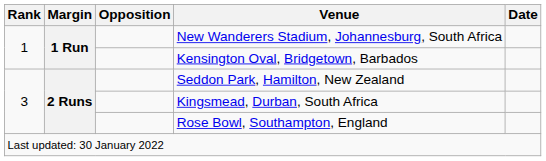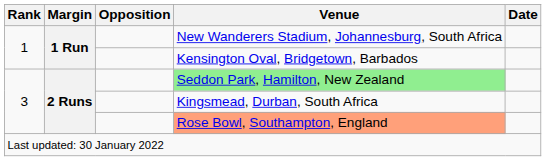 <table class="wikitable plainrowheaders">
 <tr>
 <th scope=col>Rank</th>
 <th scope=col>Margin</th>
 <th scope=col>Opposition</th>
 <th scope=col>Venue</th>
 <th scope=col>Date</th>
 </tr>
 <tr>
 <td align=center rowspan=2>1</td>
 <th scope=row style=text-align:center rowspan=2>1 Run</th>
 <td></td>
 <td><a href='#'>New Wanderers Stadium</a>, <a href='#'>Johannesburg</a>, South Africa</td>
 <td></td>
 </tr>
 <tr>
 <td></td>
 <td><a href='#'>Kensington Oval</a>, <a href='#'>Bridgetown</a>, Barbados</td>
 <td></td>
 </tr>
 <tr>
 <td align=center rowspan=3>3</td>
 <th scope=row style=text-align:center rowspan=3>2 Runs</th>
 <td></td>
-<td><a href='#'>Seddon Park</a>, <a href='#'>Hamilton</a>, New Zealand</td>
+<td style="background: lightgreen;"><a href='#'>Seddon Park</a>, <a href='#'>Hamilton</a>, New Zealand</td>
 <td></td>
 </tr>
 <tr>
 <td></td>
 <td><a href='#'>Kingsmead</a>, <a href='#'>Durban</a>, South Africa</td>
 <td></td>
 </tr>
 <tr>
 <td></td>
-<td><a href='#'>Rose Bowl</a>, <a href='#'>Southampton</a>, England</td>
+<td style="background: lightsalmon;"><a href='#'>Rose Bowl</a>, <a href='#'>Southampton</a>, England</td>
 <td></td>
 </tr>
 <tr>
 <td colspan=5><small>Last updated: 30 January 2022</small></td>
 </tr>
 </table>
